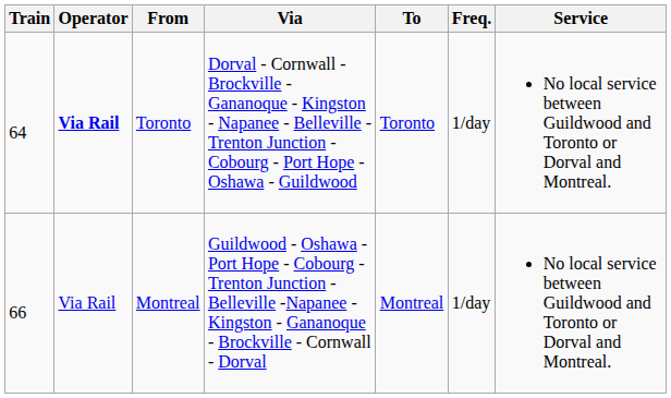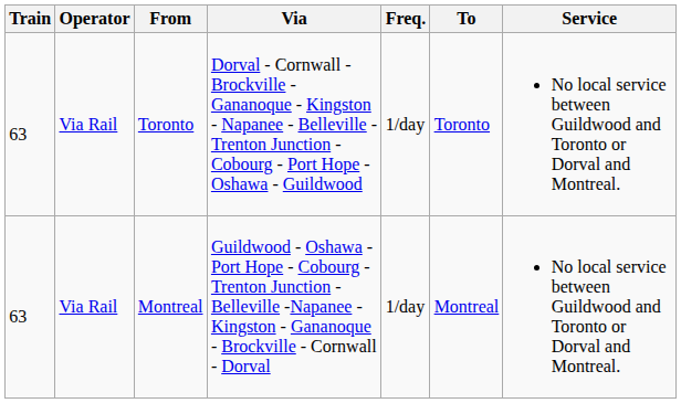 <table class="wikitable vatop">
 <tr>
 <th>Train</th>
 <th>Operator</th>
 <th>From</th>
 <th>Via</th>
+<th>Freq.</th>
 <th>To</th>
-<th>Freq.</th>
 <th>Service</th>
 </tr>
 <tr>
-<td><br>64</td>
-<td><strong><a href='#'>Via Rail</a></strong></td>
+<td><br>63</td>
+<td><a href='#'>Via Rail</a></td>
 <td><a href='#'>Toronto</a></td>
 <td> <a href='#'>Dorval</a> - Cornwall - <a href='#'>Brockville</a> - <a href='#'>Gananoque</a> - <a href='#'>Kingston</a> - <a href='#'>Napanee</a> - <a href='#'>Belleville</a> - <a href='#'>Trenton Junction</a> - <a href='#'>Cobourg</a> - <a href='#'>Port Hope</a> - <a href='#'>Oshawa</a> - <a href='#'>Guildwood</a></td>
+<td>1/day</td>
 <td><a href='#'>Toronto</a></td>
-<td>1/day</td>
 <td><br><ul><li>No local service between Guildwood and Toronto or Dorval and Montreal.</li></ul></td>
 </tr>
 <tr>
-<td><br>66</td>
+<td><br>63</td>
 <td><a href='#'>Via Rail</a></td>
 <td><a href='#'>Montreal</a></td>
 <td><a href='#'>Guildwood</a> - <a href='#'>Oshawa</a> - <a href='#'>Port Hope</a> - <a href='#'>Cobourg</a> - <a href='#'>Trenton Junction</a> - <a href='#'>Belleville</a> -<a href='#'>Napanee</a> - <a href='#'>Kingston</a> - <a href='#'>Gananoque</a> - <a href='#'>Brockville</a> -  Cornwall -  <a href='#'>Dorval</a></td>
+<td>1/day</td>
 <td><a href='#'>Montreal</a></td>
-<td>1/day</td>
 <td><br><ul><li>No local service between Guildwood and Toronto or Dorval and Montreal.</li></ul></td>
 </tr>
 </table>
